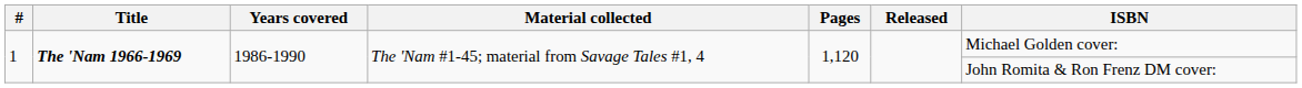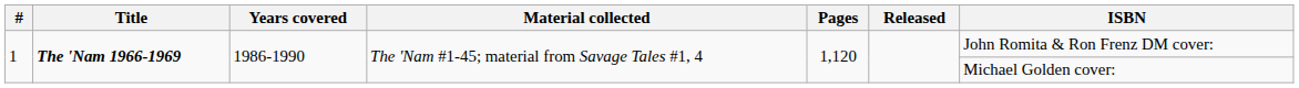 <table class="wikitable sortable" width="99%">
 <tr>
 <th class="unsortable" width="20px">#</th>
 <th>Title</th>
 <th>Years covered</th>
 <th class="unsortable">Material collected</th>
 <th>Pages</th>
 <th>Released</th>
 <th class="unsortable">ISBN</th>
 </tr>
 <tr>
 <td rowspan=2>1</td>
 <td rowspan=2><strong><em>The 'Nam 1966-1969</em></strong></td>
 <td rowspan=2>1986-1990</td>
 <td rowspan=2><em>The 'Nam</em> #1-45; material from <em>Savage Tales</em> #1, 4</td>
 <td rowspan=2 style="text-align: center;">1,120</td>
 <td rowspan=2></td>
+<td>John Romita & Ron Frenz DM cover: </td>
+</tr>
+<tr>
 <td>Michael Golden cover: </td>
 </tr>
-<tr>
-<td>John Romita & Ron Frenz DM cover: </td>
-</tr>
 </table>
